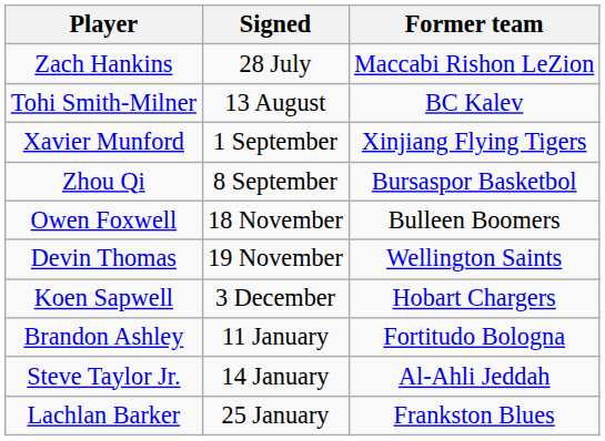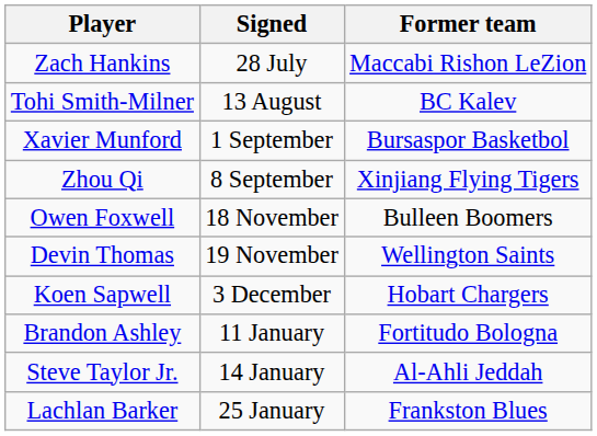 <table class="wikitable sortable sortable" style="text-align: center">
 <tr>
 <th>Player</th>
 <th>Signed</th>
 <th>Former team</th>
 </tr>
 <tr>
 <td><a href='#'>Zach Hankins</a></td>
 <td>28 July</td>
 <td><a href='#'> Maccabi Rishon LeZion</a></td>
 </tr>
 <tr>
 <td><a href='#'>Tohi Smith-Milner</a></td>
 <td>13 August</td>
 <td><a href='#'>BC Kalev</a></td>
 </tr>
 <tr>
 <td><a href='#'>Xavier Munford</a></td>
 <td>1 September</td>
-<td><a href='#'>Xinjiang Flying Tigers</a></td>
+<td><a href='#'>Bursaspor Basketbol</a></td>
 </tr>
 <tr>
 <td><a href='#'>Zhou Qi</a></td>
 <td>8 September</td>
-<td><a href='#'>Bursaspor Basketbol</a></td>
+<td><a href='#'>Xinjiang Flying Tigers</a></td>
 </tr>
 <tr>
 <td><a href='#'>Owen Foxwell</a></td>
 <td>18 November</td>
 <td>Bulleen Boomers</td>
 </tr>
 <tr>
 <td><a href='#'>Devin Thomas</a></td>
 <td>19 November</td>
 <td><a href='#'>Wellington Saints</a></td>
 </tr>
 <tr>
 <td><a href='#'>Koen Sapwell</a></td>
 <td>3 December</td>
 <td><a href='#'>Hobart Chargers</a></td>
 </tr>
 <tr>
 <td><a href='#'>Brandon Ashley</a></td>
 <td>11 January</td>
 <td><a href='#'>Fortitudo Bologna</a></td>
 </tr>
 <tr>
 <td><a href='#'>Steve Taylor Jr.</a></td>
 <td>14 January</td>
 <td><a href='#'>Al-Ahli Jeddah</a></td>
 </tr>
 <tr>
 <td><a href='#'>Lachlan Barker</a></td>
 <td>25 January</td>
 <td><a href='#'>Frankston Blues</a></td>
 </tr>
 </table>
